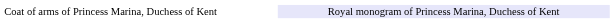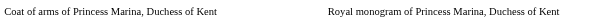 <table border="0" align="center" width="80%">
 <tr>
 <th width=25%></th>
 <th width=25%></th>
 </tr>
 <tr>
 <td style="text-align: center;">Coat of arms of Princess Marina, Duchess of Kent</td>
-<td style="background: lavender; text-align: center;">Royal monogram of Princess Marina, Duchess of Kent</td>
+<td style="text-align: center;">Royal monogram of Princess Marina, Duchess of Kent</td>
 </tr>
 </table>
